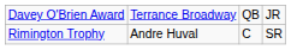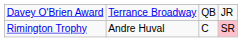 <table class="wikitable">
 <tr>
 <td><a href='#'>Davey O'Brien Award</a></td>
 <td><a href='#'>Terrance Broadway</a></td>
 <td>QB</td>
 <td>JR</td>
 </tr>
 <tr>
 <td><a href='#'>Rimington Trophy</a></td>
 <td>Andre Huval</td>
 <td>C</td>
-<td>SR</td>
+<td style="background: pink;">SR</td>
 </tr>
 </table>
